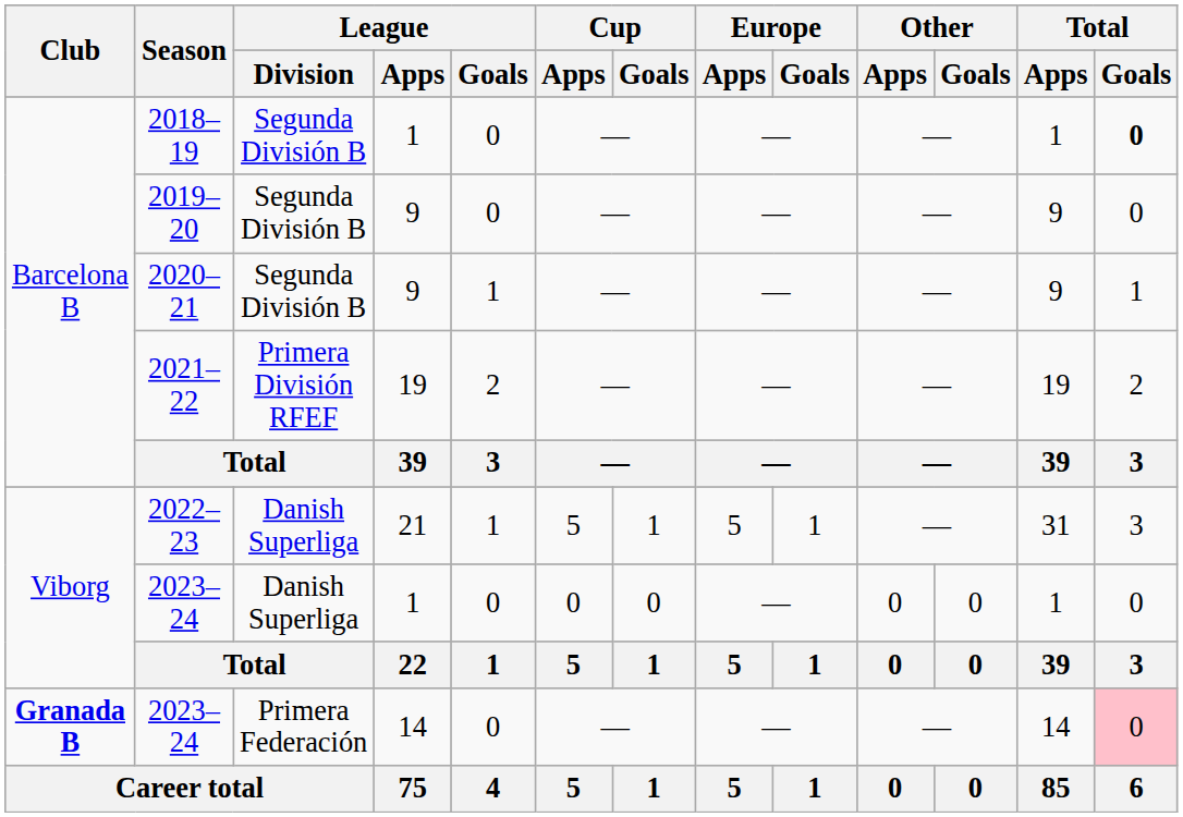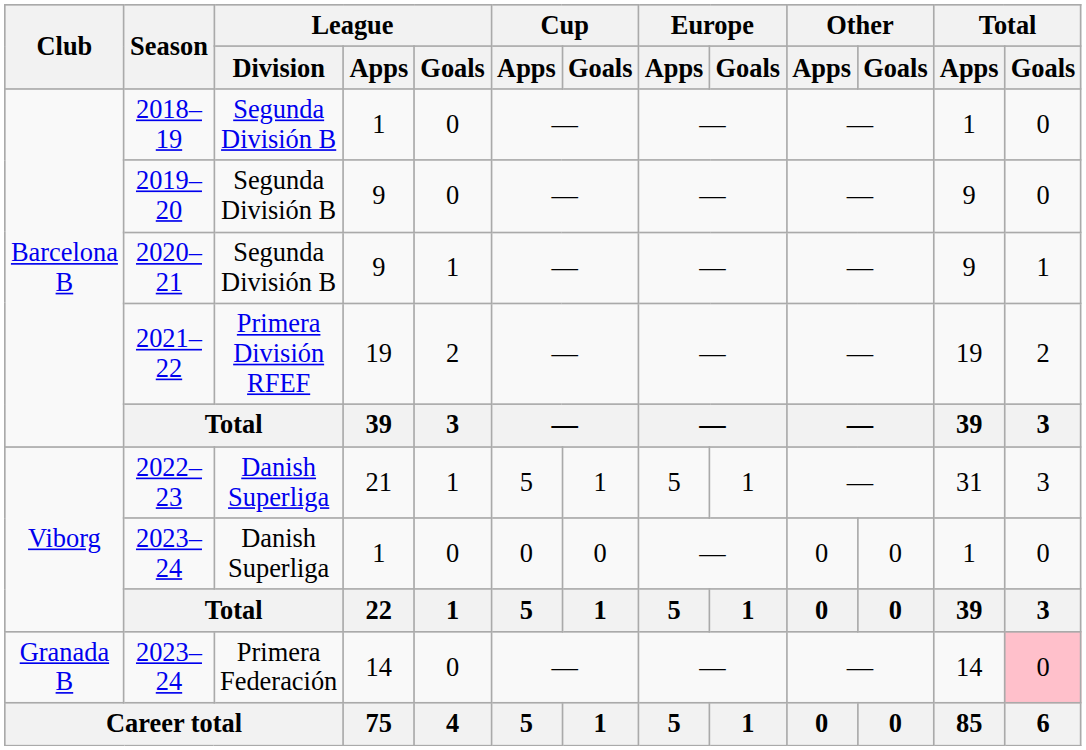 <table class="wikitable" style="text-align: center">
 <tr>
 <th rowspan="2">Club</th>
 <th rowspan="2">Season</th>
 <th colspan="3">League</th>
 <th colspan="2">Cup</th>
 <th colspan="2">Europe</th>
 <th colspan="2">Other</th>
 <th colspan="2">Total</th>
 </tr>
 <tr>
 <th>Division</th>
 <th>Apps</th>
 <th>Goals</th>
 <th>Apps</th>
 <th>Goals</th>
 <th>Apps</th>
 <th>Goals</th>
 <th>Apps</th>
 <th>Goals</th>
 <th>Apps</th>
 <th>Goals</th>
 </tr>
 <tr>
 <td rowspan="5"><a href='#'>Barcelona B</a></td>
 <td><a href='#'>2018–19</a></td>
 <td><a href='#'>Segunda División B</a></td>
 <td>1</td>
 <td>0</td>
 <td colspan="2">—</td>
 <td colspan="2">—</td>
 <td colspan="2">—</td>
 <td>1</td>
-<td><strong>0</strong></td>
+<td>0</td>
 </tr>
 <tr>
 <td><a href='#'>2019–20</a></td>
 <td>Segunda División B</td>
 <td>9</td>
 <td>0</td>
 <td colspan="2">—</td>
 <td colspan="2">—</td>
 <td colspan="2">—</td>
 <td>9</td>
 <td>0</td>
 </tr>
 <tr>
 <td><a href='#'>2020–21</a></td>
 <td>Segunda División B</td>
 <td>9</td>
 <td>1</td>
 <td colspan="2">—</td>
 <td colspan="2">—</td>
 <td colspan="2">—</td>
 <td>9</td>
 <td>1</td>
 </tr>
 <tr>
 <td><a href='#'>2021–22</a></td>
 <td><a href='#'>Primera División RFEF</a></td>
 <td>19</td>
 <td>2</td>
 <td colspan="2">—</td>
 <td colspan="2">—</td>
 <td colspan="2">—</td>
 <td>19</td>
 <td>2</td>
 </tr>
 <tr>
 <th colspan="2">Total</th>
 <th>39</th>
 <th>3</th>
 <th colspan="2">—</th>
 <th colspan="2">—</th>
 <th colspan="2">—</th>
 <th>39</th>
 <th>3</th>
 </tr>
 <tr>
 <td rowspan="3"><a href='#'>Viborg</a></td>
 <td><a href='#'>2022–23</a></td>
 <td><a href='#'>Danish Superliga</a></td>
 <td>21</td>
 <td>1</td>
 <td>5</td>
 <td>1</td>
 <td>5</td>
 <td>1</td>
 <td colspan="2">—</td>
 <td>31</td>
 <td>3</td>
 </tr>
 <tr>
 <td><a href='#'>2023–24</a></td>
 <td>Danish Superliga</td>
 <td>1</td>
 <td>0</td>
 <td>0</td>
 <td>0</td>
 <td colspan="2">—</td>
 <td>0</td>
 <td>0</td>
 <td>1</td>
 <td>0</td>
 </tr>
 <tr>
 <th colspan="2">Total</th>
 <th>22</th>
 <th>1</th>
 <th>5</th>
 <th>1</th>
 <th>5</th>
 <th>1</th>
 <th>0</th>
 <th>0</th>
 <th>39</th>
 <th>3</th>
 </tr>
 <tr>
-<td rowspan="1"><strong><a href='#'>Granada B</a></strong></td>
+<td rowspan="1"><a href='#'>Granada B</a></td>
 <td><a href='#'>2023–24</a></td>
 <td>Primera Federación</td>
 <td>14</td>
 <td>0</td>
 <td colspan="2">—</td>
 <td colspan="2">—</td>
 <td colspan="2">—</td>
 <td>14</td>
 <td style="background: pink;">0</td>
 </tr>
 <tr>
 <th colspan="3">Career total</th>
 <th>75</th>
 <th>4</th>
 <th>5</th>
 <th>1</th>
 <th>5</th>
 <th>1</th>
 <th>0</th>
 <th>0</th>
 <th>85</th>
 <th>6</th>
 </tr>
 </table>
